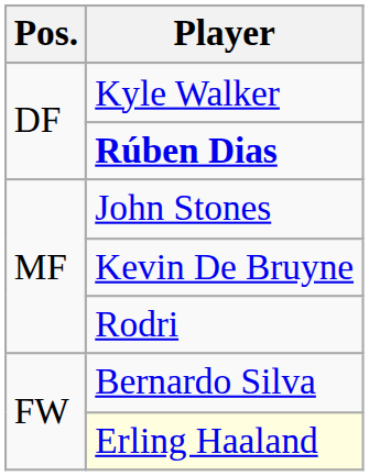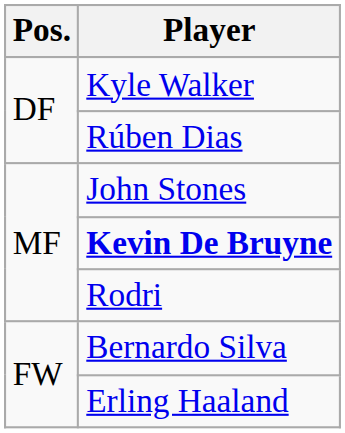 <table class="wikitable">
 <tr>
 <th>Pos.</th>
 <th>Player</th>
 </tr>
 <tr>
 <td rowspan="2">DF</td>
 <td> <a href='#'>Kyle Walker</a></td>
 </tr>
 <tr>
-<td><strong> <a href='#'>Rúben Dias</a></strong></td>
+<td> <a href='#'>Rúben Dias</a></td>
 </tr>
 <tr>
 <td rowspan="3">MF</td>
 <td> <a href='#'>John Stones</a></td>
 </tr>
 <tr>
-<td> <a href='#'>Kevin De Bruyne</a></td>
+<td><strong> <a href='#'>Kevin De Bruyne</a></strong></td>
 </tr>
 <tr>
 <td> <a href='#'>Rodri</a></td>
 </tr>
 <tr>
 <td rowspan="2">FW</td>
 <td> <a href='#'>Bernardo Silva</a></td>
 </tr>
 <tr>
-<td style="background: lightyellow;"> <a href='#'>Erling Haaland</a></td>
+<td> <a href='#'>Erling Haaland</a></td>
 </tr>
 </table>
